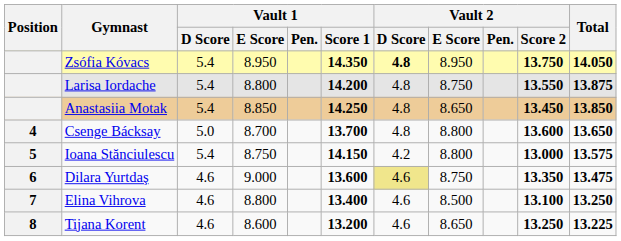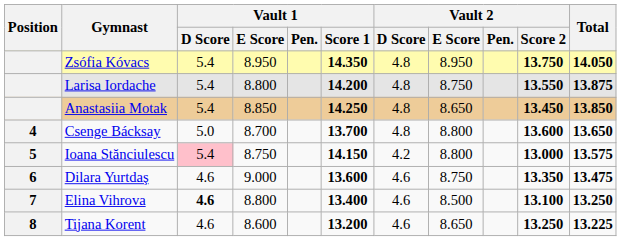 <table style="text-align:center;" class="wikitable sortable">
 <tr>
 <th rowspan="2">Position</th>
 <th rowspan="2">Gymnast</th>
 <th colspan="4">Vault 1</th>
 <th colspan="4">Vault 2</th>
 <th rowspan="2">Total</th>
 </tr>
 <tr>
 <th>D Score</th>
 <th>E Score</th>
 <th>Pen.</th>
 <th>Score 1</th>
 <th>D Score</th>
 <th>E Score</th>
 <th>Pen.</th>
 <th>Score 2</th>
 </tr>
 <tr style="background:#fffcaf;">
 <th scope="row" style="text-align:center"></th>
 <td style="text-align:left;"> <a href='#'>Zsófia Kóvacs</a></td>
 <td>5.4</td>
 <td>8.950</td>
 <td></td>
 <td><strong>14.350</strong></td>
-<td><strong>4.8</strong></td>
+<td>4.8</td>
 <td>8.950</td>
 <td></td>
 <td><strong>13.750</strong></td>
 <td><strong>14.050</strong></td>
 </tr>
 <tr style="background:#e5e5e5;">
 <th scope="row" style="text-align:center"></th>
 <td style="text-align:left;"> <a href='#'>Larisa Iordache</a></td>
 <td>5.4</td>
 <td>8.800</td>
 <td></td>
 <td><strong>14.200</strong></td>
 <td>4.8</td>
 <td>8.750</td>
 <td></td>
 <td><strong>13.550</strong></td>
 <td><strong>13.875</strong></td>
 </tr>
 <tr style="background:#ec9;">
 <th scope="row" style="text-align:center"></th>
 <td style="text-align:left;"> <a href='#'>Anastasiia Motak</a></td>
 <td>5.4</td>
 <td>8.850</td>
 <td></td>
 <td><strong>14.250</strong></td>
 <td>4.8</td>
 <td>8.650</td>
 <td></td>
 <td><strong>13.450</strong></td>
 <td><strong>13.850</strong></td>
 </tr>
 <tr>
 <th>4</th>
 <td style="text-align:left;"> <a href='#'>Csenge Bácksay</a></td>
 <td>5.0</td>
 <td>8.700</td>
 <td></td>
 <td><strong>13.700</strong></td>
 <td>4.8</td>
 <td>8.800</td>
 <td></td>
 <td><strong>13.600</strong></td>
 <td><strong>13.650</strong></td>
 </tr>
 <tr>
 <th>5</th>
 <td style="text-align:left;"> <a href='#'>Ioana Stănciulescu</a></td>
-<td>5.4</td>
+<td style="background: pink;">5.4</td>
 <td>8.750</td>
 <td></td>
 <td><strong>14.150</strong></td>
 <td>4.2</td>
 <td>8.800</td>
 <td></td>
 <td><strong>13.000</strong></td>
 <td><strong>13.575</strong></td>
 </tr>
 <tr>
 <th>6</th>
 <td style="text-align:left;"> <a href='#'>Dilara Yurtdaş</a></td>
 <td>4.6</td>
 <td>9.000</td>
 <td></td>
 <td><strong>13.600</strong></td>
-<td style="background: khaki;">4.6</td>
+<td>4.6</td>
 <td>8.750</td>
 <td></td>
 <td><strong>13.350</strong></td>
 <td><strong>13.475</strong></td>
 </tr>
 <tr>
 <th>7</th>
 <td style="text-align:left;"> <a href='#'>Elina Vihrova</a></td>
-<td>4.6</td>
+<td><strong>4.6</strong></td>
 <td>8.800</td>
 <td></td>
 <td><strong>13.400</strong></td>
 <td>4.6</td>
 <td>8.500</td>
 <td></td>
 <td><strong>13.100</strong></td>
 <td><strong>13.250</strong></td>
 </tr>
 <tr>
 <th>8</th>
 <td style="text-align:left;"> <a href='#'>Tijana Korent</a></td>
 <td>4.6</td>
 <td>8.600</td>
 <td></td>
 <td><strong>13.200</strong></td>
 <td>4.6</td>
 <td>8.650</td>
 <td></td>
 <td><strong>13.250</strong></td>
 <td><strong>13.225</strong></td>
 </tr>
 </table>
